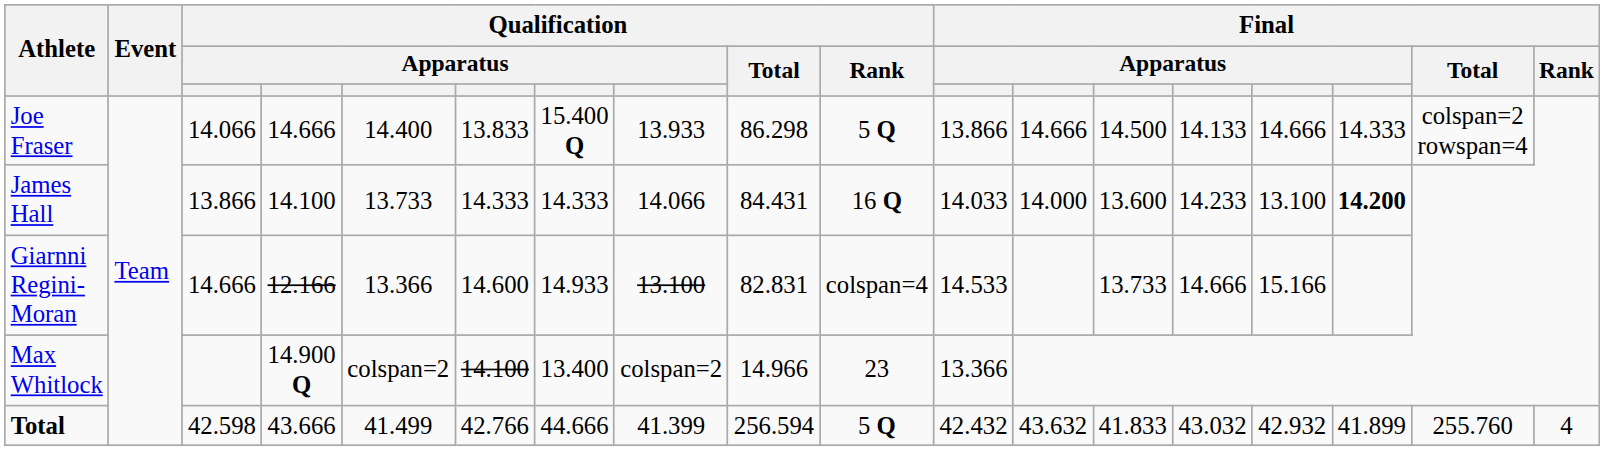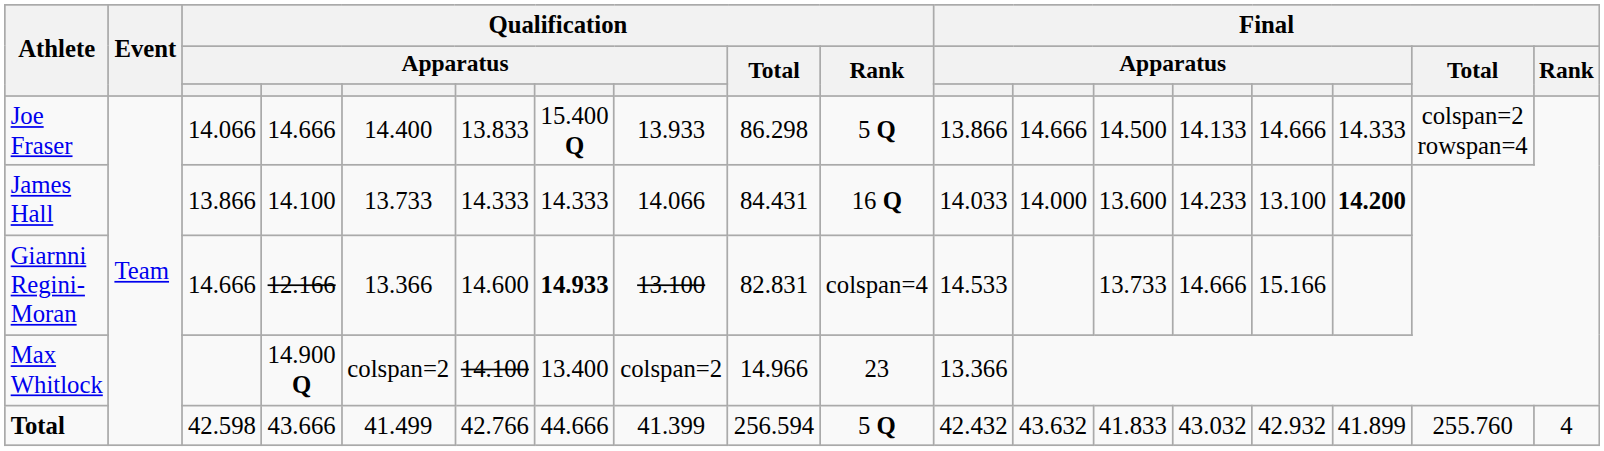 <table class=wikitable style=font-size:90%;text-align:center>
 <tr>
 <th rowspan=3>Athlete</th>
 <th rowspan=3>Event</th>
 <th colspan =8>Qualification</th>
 <th colspan =8>Final</th>
 </tr>
 <tr style=font-size:95%>
 <th colspan=6>Apparatus</th>
 <th rowspan=2>Total</th>
 <th rowspan=2>Rank</th>
 <th colspan=6>Apparatus</th>
 <th rowspan=2>Total</th>
 <th rowspan=2>Rank</th>
 </tr>
 <tr style=font-size:95%>
 <th></th>
 <th></th>
 <th></th>
 <th></th>
 <th></th>
 <th></th>
 <th></th>
 <th></th>
 <th></th>
 <th></th>
 <th></th>
 <th></th>
 </tr>
 <tr>
 <td align=left><a href='#'>Joe Fraser</a></td>
 <td align=left rowspan=5><a href='#'>Team</a></td>
 <td>14.066</td>
 <td>14.666</td>
 <td>14.400</td>
 <td>13.833</td>
 <td>15.400 <strong>Q</strong></td>
 <td>13.933</td>
 <td>86.298</td>
 <td>5 <strong>Q</strong></td>
 <td>13.866</td>
 <td>14.666</td>
 <td>14.500</td>
 <td>14.133</td>
 <td>14.666</td>
 <td>14.333</td>
 <td>colspan=2 rowspan=4 </td>
 </tr>
 <tr>
 <td align=left><a href='#'>James Hall</a></td>
 <td>13.866</td>
 <td>14.100</td>
 <td>13.733</td>
 <td>14.333</td>
 <td>14.333</td>
 <td>14.066</td>
 <td>84.431</td>
 <td>16 <strong>Q</strong></td>
 <td>14.033</td>
 <td>14.000</td>
 <td>13.600</td>
 <td>14.233</td>
 <td>13.100</td>
 <td><strong>14.200</strong></td>
 </tr>
 <tr>
 <td align=left><a href='#'>Giarnni Regini-Moran</a></td>
 <td>14.666</td>
 <td><s>12.166</s></td>
 <td>13.366</td>
 <td>14.600</td>
-<td>14.933</td>
+<td><strong>14.933</strong></td>
 <td><s>13.100</s></td>
 <td>82.831</td>
 <td>colspan=4 </td>
 <td>14.533</td>
 <td></td>
 <td>13.733</td>
 <td>14.666</td>
 <td>15.166</td>
 <td></td>
 </tr>
 <tr>
 <td align=left><a href='#'>Max Whitlock</a></td>
 <td></td>
 <td>14.900 <strong>Q</strong></td>
 <td>colspan=2 </td>
 <td><s>14.100</s></td>
 <td>13.400</td>
 <td>colspan=2 </td>
 <td>14.966</td>
 <td>23</td>
 <td>13.366</td>
 </tr>
 <tr>
 <td align=left><strong>Total</strong></td>
 <td>42.598</td>
 <td>43.666</td>
 <td>41.499</td>
 <td>42.766</td>
 <td>44.666</td>
 <td>41.399</td>
 <td>256.594</td>
 <td>5 <strong>Q</strong></td>
 <td>42.432</td>
 <td>43.632</td>
 <td>41.833</td>
 <td>43.032</td>
 <td>42.932</td>
 <td>41.899</td>
 <td>255.760</td>
 <td>4</td>
 </tr>
 </table>
